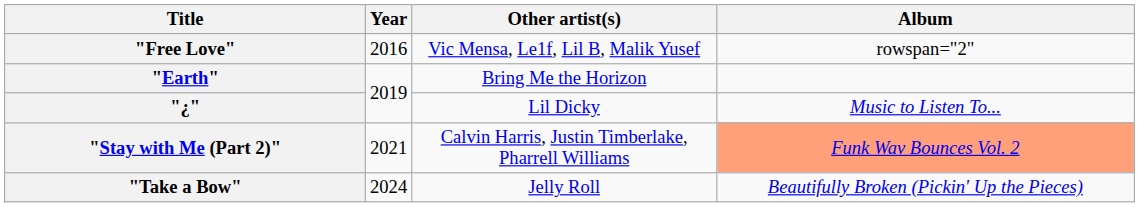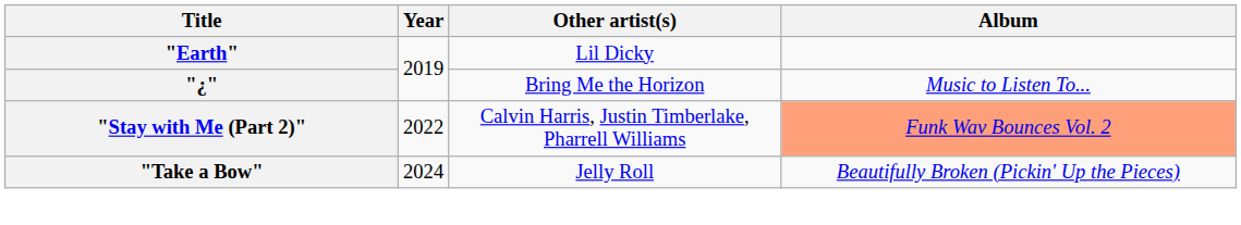 <table class="wikitable plainrowheaders" style="text-align:center;">
 <tr>
 <th scope="col" style="width:19em;">Title</th>
 <th scope="col" style="width:1em;">Year</th>
 <th scope="col" style="width:16em;">Other artist(s)</th>
 <th scope="col" style="width:22em;">Album</th>
 </tr>
 <tr>
-<th scope="row">"Free Love"</th>
-<td>2016</td>
-<td><a href='#'>Vic Mensa</a>, <a href='#'>Le1f</a>, <a href='#'>Lil B</a>, <a href='#'>Malik Yusef</a></td>
-<td>rowspan="2" </td>
-</tr>
-<tr>
 <th scope="row">"<a href='#'>Earth</a>"</th>
 <td rowspan="2">2019</td>
-<td><a href='#'>Bring Me the Horizon</a></td>
+<td><a href='#'>Lil Dicky</a></td>
 </tr>
 <tr>
 <th scope="row">"¿"</th>
-<td><a href='#'>Lil Dicky</a></td>
+<td><a href='#'>Bring Me the Horizon</a></td>
 <td><em><a href='#'>Music to Listen To...</a></em></td>
 </tr>
 <tr>
 <th scope="row">"<a href='#'>Stay with Me</a> (Part 2)"</th>
-<td>2021</td>
+<td>2022</td>
 <td><a href='#'>Calvin Harris</a>, <a href='#'>Justin Timberlake</a>, <a href='#'>Pharrell Williams</a></td>
 <td style="background: lightsalmon;"><em><a href='#'>Funk Wav Bounces Vol. 2</a></em></td>
 </tr>
 <tr>
 <th scope="row">"Take a Bow"</th>
 <td>2024</td>
 <td><a href='#'>Jelly Roll</a></td>
 <td><em><a href='#'>Beautifully Broken (Pickin' Up the Pieces)</a></em></td>
 </tr>
 </table>
